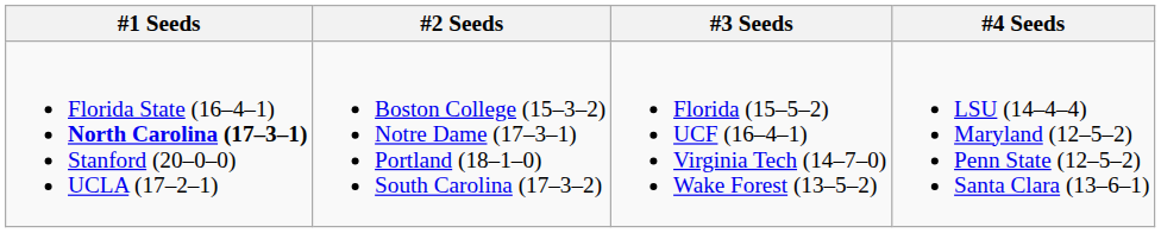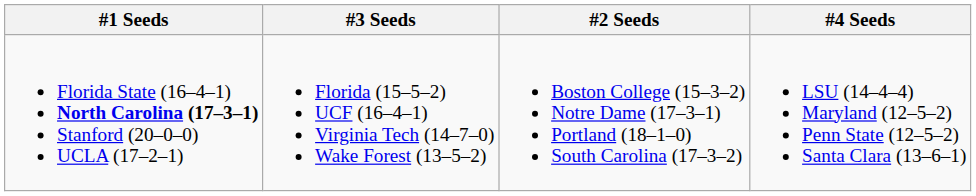 <table class="wikitable">
 <tr>
 <th>#1 Seeds</th>
+<th>#3 Seeds</th>
 <th>#2 Seeds</th>
-<th>#3 Seeds</th>
 <th>#4 Seeds</th>
 </tr>
 <tr>
 <td><br><ul><li><a href='#'>Florida State</a> (16–4–1)</li><li><strong><a href='#'>North Carolina</a> (17–3–1)</strong></li><li><a href='#'>Stanford</a> (20–0–0)</li><li><a href='#'>UCLA</a> (17–2–1)</li></ul></td>
+<td><br><ul><li><a href='#'>Florida</a> (15–5–2)</li><li><a href='#'>UCF</a> (16–4–1)</li><li><a href='#'>Virginia Tech</a> (14–7–0)</li><li><a href='#'>Wake Forest</a> (13–5–2)</li></ul></td>
 <td><br><ul><li><a href='#'>Boston College</a> (15–3–2)</li><li><a href='#'>Notre Dame</a> (17–3–1)</li><li><a href='#'>Portland</a> (18–1–0)</li><li><a href='#'>South Carolina</a> (17–3–2)</li></ul></td>
-<td><br><ul><li><a href='#'>Florida</a> (15–5–2)</li><li><a href='#'>UCF</a> (16–4–1)</li><li><a href='#'>Virginia Tech</a> (14–7–0)</li><li><a href='#'>Wake Forest</a> (13–5–2)</li></ul></td>
 <td><br><ul><li><a href='#'>LSU</a> (14–4–4)</li><li><a href='#'>Maryland</a> (12–5–2)</li><li><a href='#'>Penn State</a>  (12–5–2)</li><li><a href='#'>Santa Clara</a> (13–6–1)</li></ul></td>
 </tr>
 </table>
